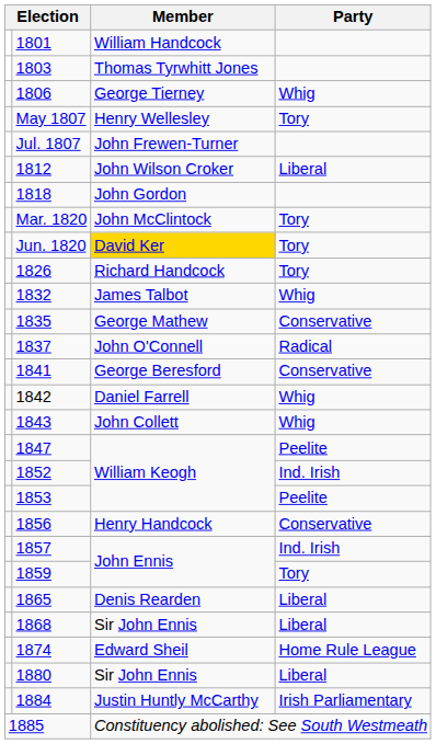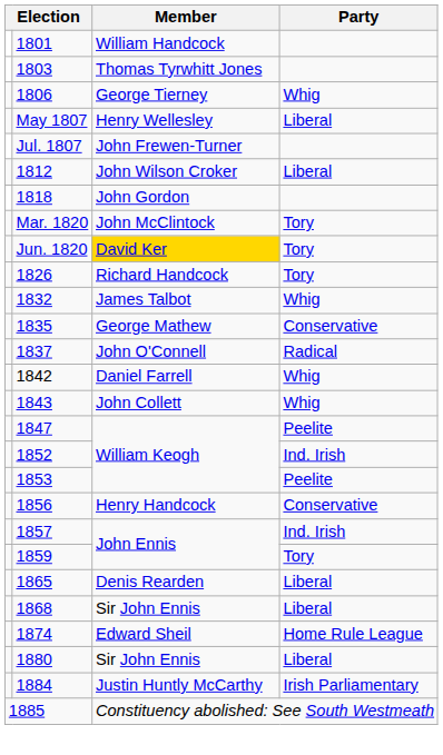 <table class="wikitable">
 <tr>
 <th colspan="2">Election</th>
 <th>Member</th>
 <th>Party</th>
 </tr>
 <tr>
 <td style="color:inherit;background-color: white"></td>
 <td><a href='#'>1801</a></td>
 <td><a href='#'>William Handcock</a></td>
 <td></td>
 </tr>
 <tr>
 <td style="color:inherit;background-color: white"></td>
 <td><a href='#'>1803</a></td>
 <td><a href='#'>Thomas Tyrwhitt Jones</a></td>
 <td></td>
 </tr>
 <tr>
 <td style="color:inherit;background-color: "></td>
 <td><a href='#'>1806</a></td>
 <td><a href='#'>George Tierney</a></td>
 <td><a href='#'>Whig</a></td>
 </tr>
 <tr>
 <td style="color:inherit;background-color: "></td>
 <td><a href='#'>May 1807</a></td>
 <td><a href='#'>Henry Wellesley</a></td>
-<td><a href='#'>Tory</a></td>
+<td><a href='#'>Liberal</a></td>
 </tr>
 <tr>
 <td style="color:inherit;background-color: white"></td>
 <td><a href='#'>Jul. 1807</a></td>
 <td><a href='#'>John Frewen-Turner</a></td>
 <td></td>
 </tr>
 <tr>
 <td style="color:inherit;background-color: "></td>
 <td><a href='#'>1812</a></td>
 <td><a href='#'>John Wilson Croker</a></td>
 <td><a href='#'>Liberal</a></td>
 </tr>
 <tr>
 <td style="color:inherit;background-color: white"></td>
 <td><a href='#'>1818</a></td>
 <td><a href='#'>John Gordon</a></td>
 <td></td>
 </tr>
 <tr>
 <td style="color:inherit;background-color: "></td>
 <td><a href='#'>Mar. 1820</a></td>
 <td><a href='#'>John McClintock</a></td>
 <td><a href='#'>Tory</a></td>
 </tr>
 <tr>
 <td style="color:inherit;background-color: "></td>
 <td><a href='#'>Jun. 1820</a></td>
 <td style="background: gold;"><a href='#'>David Ker</a></td>
 <td><a href='#'>Tory</a></td>
 </tr>
 <tr>
 <td style="color:inherit;background-color: "></td>
 <td><a href='#'>1826</a></td>
 <td><a href='#'>Richard Handcock</a></td>
 <td><a href='#'>Tory</a></td>
 </tr>
 <tr>
 <td style="color:inherit;background-color: "></td>
 <td><a href='#'>1832</a></td>
 <td><a href='#'>James Talbot</a></td>
 <td><a href='#'>Whig</a></td>
 </tr>
 <tr>
 <td style="color:inherit;background-color: "></td>
 <td><a href='#'>1835</a></td>
 <td><a href='#'>George Mathew</a></td>
 <td><a href='#'>Conservative</a></td>
 </tr>
 <tr>
 <td style="color:inherit;background-color: "></td>
 <td><a href='#'>1837</a></td>
 <td><a href='#'>John O'Connell</a></td>
 <td><a href='#'>Radical</a></td>
-</tr>
-<tr>
-<td style="color:inherit;background-color: "></td>
-<td><a href='#'>1841</a></td>
-<td><a href='#'>George Beresford</a></td>
-<td><a href='#'>Conservative</a></td>
 </tr>
 <tr>
 <td style="color:inherit;background-color: "></td>
 <td>1842</td>
 <td><a href='#'>Daniel Farrell</a></td>
 <td><a href='#'>Whig</a></td>
 </tr>
 <tr>
 <td style="color:inherit;background-color: "></td>
 <td><a href='#'>1843</a></td>
 <td><a href='#'>John Collett</a></td>
 <td><a href='#'>Whig</a></td>
 </tr>
 <tr>
 <td style="color:inherit;background-color: "></td>
 <td><a href='#'>1847</a></td>
 <td rowspan="3"><a href='#'>William Keogh</a></td>
 <td><a href='#'>Peelite</a></td>
 </tr>
 <tr>
 <td style="color:inherit;background-color: "></td>
 <td><a href='#'>1852</a></td>
 <td><a href='#'>Ind. Irish</a></td>
 </tr>
 <tr>
 <td style="color:inherit;background-color: "></td>
 <td><a href='#'>1853</a></td>
 <td><a href='#'>Peelite</a></td>
 </tr>
 <tr>
 <td style="color:inherit;background-color: "></td>
 <td><a href='#'>1856</a></td>
 <td><a href='#'>Henry Handcock</a></td>
 <td><a href='#'>Conservative</a></td>
 </tr>
 <tr>
 <td style="color:inherit;background-color: "></td>
 <td><a href='#'>1857</a></td>
 <td rowspan="2"><a href='#'>John Ennis</a></td>
 <td><a href='#'>Ind. Irish</a></td>
 </tr>
 <tr>
 <td style="color:inherit;background-color: "></td>
 <td><a href='#'>1859</a></td>
 <td><a href='#'>Tory</a></td>
 </tr>
 <tr>
 <td style="color:inherit;background-color: "></td>
 <td><a href='#'>1865</a></td>
 <td><a href='#'>Denis Rearden</a></td>
 <td><a href='#'>Liberal</a></td>
 </tr>
 <tr>
 <td style="color:inherit;background-color: "></td>
 <td><a href='#'>1868</a></td>
 <td>Sir <a href='#'>John Ennis</a></td>
 <td><a href='#'>Liberal</a></td>
 </tr>
 <tr>
 <td style="color:inherit;background-color: "></td>
 <td><a href='#'>1874</a></td>
 <td><a href='#'>Edward Sheil</a></td>
 <td><a href='#'>Home Rule League</a></td>
 </tr>
 <tr>
 <td style="color:inherit;background-color: "></td>
 <td><a href='#'>1880</a></td>
 <td>Sir <a href='#'>John Ennis</a></td>
 <td><a href='#'>Liberal</a></td>
 </tr>
 <tr>
 <td style="color:inherit;background-color: "></td>
 <td><a href='#'>1884</a></td>
 <td><a href='#'>Justin Huntly McCarthy</a></td>
 <td><a href='#'>Irish Parliamentary</a></td>
 </tr>
 <tr>
 <td colspan="2"><a href='#'>1885</a></td>
 <td colspan="2"><em>Constituency abolished: See <a href='#'>South Westmeath</a></em></td>
 </tr>
 </table>
